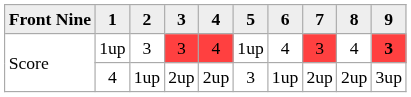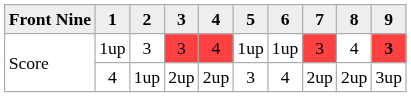 <table cellpadding="3" cellspacing="0" border="1" style="font-size: 95%; border: #aaa solid 1px; border-collapse: collapse;">
 <tr style="background:#eeeeee;">
 <th align="left">Front Nine</th>
 <th align=center>1</th>
 <th align=center>2</th>
 <th align=center>3</th>
 <th align=center>4</th>
 <th align=center>5</th>
 <th align=center>6</th>
 <th align=center>7</th>
 <th align=center>8</th>
 <th align=center>9</th>
 </tr>
 <tr>
 <td rowspan=2>Score</td>
 <td>1up</td>
 <td align="center">3</td>
 <td align="center" style="background:#FF4040;">3</td>
 <td align="center" style="background:#FF4040;">4</td>
 <td>1up</td>
-<td align="center">4</td>
+<td>1up</td>
 <td align="center" style="background:#FF4040;">3</td>
 <td align="center">4</td>
 <td align="center" style="background:#FF4040;"><strong>3</strong></td>
 </tr>
 <tr>
 <td align="center">4</td>
 <td>1up</td>
 <td>2up</td>
 <td>2up</td>
 <td align="center">3</td>
-<td>1up</td>
+<td align="center">4</td>
 <td>2up</td>
 <td>2up</td>
 <td>3up</td>
 </tr>
 </table>
